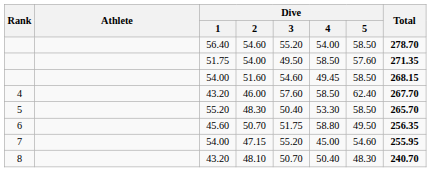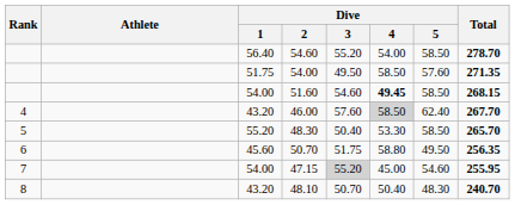 <table class="wikitable" style="text-align:center">
 <tr>
 <th rowspan="2" width="40">Rank</th>
 <th rowspan="2" width="250">Athlete</th>
 <th colspan="5">Dive</th>
 <th rowspan="2" width="60">Total</th>
 </tr>
 <tr>
 <th width="50">1</th>
 <th width="50">2</th>
 <th width="50">3</th>
 <th width="50">4</th>
 <th width="50">5</th>
 </tr>
 <tr>
 <td></td>
 <td align="left"></td>
 <td>56.40</td>
 <td>54.60</td>
 <td>55.20</td>
 <td>54.00</td>
 <td>58.50</td>
 <td><strong>278.70</strong></td>
 </tr>
 <tr>
 <td></td>
 <td align="left"></td>
 <td>51.75</td>
 <td>54.00</td>
 <td>49.50</td>
 <td>58.50</td>
 <td>57.60</td>
 <td><strong>271.35</strong></td>
 </tr>
 <tr>
 <td></td>
 <td align="left"></td>
 <td>54.00</td>
 <td>51.60</td>
 <td>54.60</td>
-<td>49.45</td>
+<td><strong>49.45</strong></td>
 <td>58.50</td>
 <td><strong>268.15</strong></td>
 </tr>
 <tr>
 <td>4</td>
 <td align="left"></td>
 <td>43.20</td>
 <td>46.00</td>
 <td>57.60</td>
-<td>58.50</td>
+<td style="background: lightgrey;">58.50</td>
 <td>62.40</td>
 <td><strong>267.70</strong></td>
 </tr>
 <tr>
 <td>5</td>
 <td align="left"></td>
 <td>55.20</td>
 <td>48.30</td>
 <td>50.40</td>
 <td>53.30</td>
 <td>58.50</td>
 <td><strong>265.70</strong></td>
 </tr>
 <tr>
 <td>6</td>
 <td align="left"></td>
 <td>45.60</td>
 <td>50.70</td>
 <td>51.75</td>
 <td>58.80</td>
 <td>49.50</td>
 <td><strong>256.35</strong></td>
 </tr>
 <tr>
 <td>7</td>
 <td align="left"></td>
 <td>54.00</td>
 <td>47.15</td>
-<td>55.20</td>
+<td style="background: lightgrey;">55.20</td>
 <td>45.00</td>
 <td>54.60</td>
 <td><strong>255.95</strong></td>
 </tr>
 <tr>
 <td>8</td>
 <td align="left"></td>
 <td>43.20</td>
 <td>48.10</td>
 <td>50.70</td>
 <td>50.40</td>
 <td>48.30</td>
 <td><strong>240.70</strong></td>
 </tr>
 </table>
